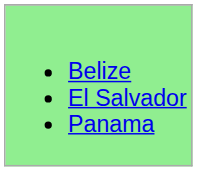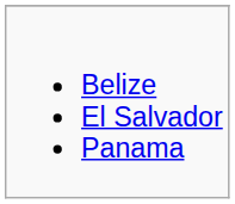 <table class="wikitable">
 <tr>
 </tr>
 <tr>
-<td style="background: lightgreen;"><br><ul><li> <a href='#'>Belize</a></li><li> <a href='#'>El Salvador</a></li><li> <a href='#'>Panama</a></li></ul></td>
+<td><br><ul><li> <a href='#'>Belize</a></li><li> <a href='#'>El Salvador</a></li><li> <a href='#'>Panama</a></li></ul></td>
 </tr>
 </table>
